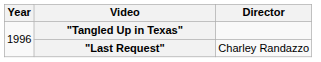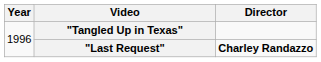 <table class="wikitable plainrowheaders">
 <tr>
 <th>Year</th>
 <th style="width:16em;">Video</th>
 <th>Director</th>
 </tr>
 <tr>
 <td rowspan="2">1996</td>
 <th scope="row">"Tangled Up in Texas"</th>
 <td></td>
 </tr>
 <tr>
 <th scope="row">"Last Request"</th>
-<td>Charley Randazzo</td>
+<td><strong>Charley Randazzo</strong></td>
 </tr>
 </table>
